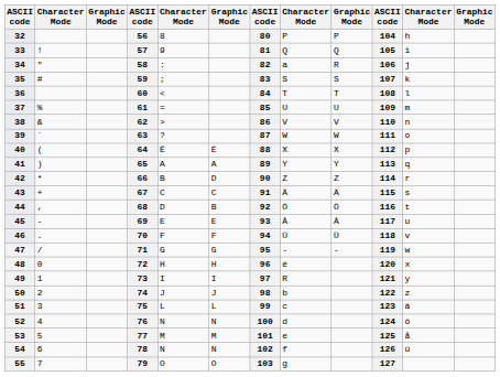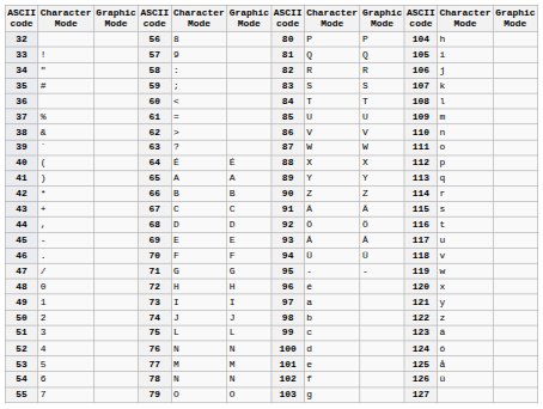 <table class="wikitable">
 <tr>
 <th>ASCII code</th>
 <th>Character Mode</th>
 <th>Graphic Mode</th>
 <th>ASCII code</th>
 <th>Character Mode</th>
 <th>Graphic Mode</th>
 <th>ASCII code</th>
 <th>Character Mode</th>
 <th>Graphic Mode</th>
 <th>ASCII code</th>
 <th>Character Mode</th>
 <th>Graphic Mode</th>
 </tr>
 <tr>
 <th style="background-color:#EAECF0;">32</th>
 <td></td>
 <td></td>
 <th>56</th>
 <td>8</td>
 <td></td>
 <th>80</th>
 <td>P</td>
 <td>P</td>
 <th>104</th>
 <td>h</td>
 <td></td>
 </tr>
 <tr>
 <th style="background-color:#EAECF0;">33</th>
 <td>!</td>
 <td></td>
 <th>57</th>
 <td>9</td>
 <td></td>
 <th>81</th>
 <td>Q</td>
 <td>Q</td>
 <th>105</th>
 <td>i</td>
 <td></td>
 </tr>
 <tr>
 <th style="background-color:#EAECF0;">34</th>
 <td>"</td>
 <td></td>
 <th>58</th>
 <td>:</td>
 <td></td>
 <th>82</th>
-<td>a</td>
+<td>R</td>
 <td>R</td>
 <th>106</th>
 <td>j</td>
 <td></td>
 </tr>
 <tr>
 <th style="background-color:#EAECF0;">35</th>
 <td>#</td>
 <td></td>
 <th>59</th>
 <td>;</td>
 <td></td>
 <th>83</th>
 <td>S</td>
 <td>S</td>
 <th>107</th>
 <td>k</td>
 <td></td>
 </tr>
 <tr>
 <th style="background-color:#EAECF0;">36</th>
 <td></td>
 <td></td>
 <th>60</th>
 <td><</td>
 <td></td>
 <th>84</th>
 <td>T</td>
 <td>T</td>
 <th>108</th>
 <td>l</td>
 <td></td>
 </tr>
 <tr>
 <th style="background-color:#EAECF0;">37</th>
 <td>%</td>
 <td></td>
 <th>61</th>
 <td>=</td>
 <td></td>
 <th>85</th>
 <td>U</td>
 <td>U</td>
 <th>109</th>
 <td>m</td>
 <td></td>
 </tr>
 <tr>
 <th style="background-color:#EAECF0;">38</th>
 <td>&</td>
 <td></td>
 <th>62</th>
 <td>></td>
 <td></td>
 <th>86</th>
 <td>V</td>
 <td>V</td>
 <th>110</th>
 <td>n</td>
 <td></td>
 </tr>
 <tr>
 <th style="background-color:#EAECF0;">39</th>
 <td>´</td>
 <td></td>
 <th>63</th>
 <td>?</td>
 <td></td>
 <th>87</th>
 <td>W</td>
 <td>W</td>
 <th>111</th>
 <td>o</td>
 <td></td>
 </tr>
 <tr>
 <th style="background-color:#EAECF0;">40</th>
 <td>(</td>
 <td></td>
 <th>64</th>
 <td>É</td>
 <td>É</td>
 <th>88</th>
 <td>X</td>
 <td>X</td>
 <th>112</th>
 <td>p</td>
 <td></td>
 </tr>
 <tr>
 <th style="background-color:#EAECF0;">41</th>
 <td>)</td>
 <td></td>
 <th>65</th>
 <td>A</td>
 <td>A</td>
 <th>89</th>
 <td>Y</td>
 <td>Y</td>
 <th>113</th>
 <td>q</td>
 <td></td>
 </tr>
 <tr>
 <th style="background-color:#EAECF0;">42</th>
 <td>*</td>
 <td></td>
 <th>66</th>
 <td>B</td>
-<td>D</td>
+<td>B</td>
 <th>90</th>
 <td>Z</td>
 <td>Z</td>
 <th>114</th>
 <td>r</td>
 <td></td>
 </tr>
 <tr>
 <th style="background-color:#EAECF0;">43</th>
 <td>+</td>
 <td></td>
 <th>67</th>
 <td>C</td>
 <td>C</td>
 <th>91</th>
 <td>Ä</td>
 <td>Ä</td>
 <th>115</th>
 <td>s</td>
 <td></td>
 </tr>
 <tr>
 <th style="background-color:#EAECF0;">44</th>
 <td>,</td>
 <td></td>
 <th>68</th>
 <td>D</td>
-<td>B</td>
+<td>D</td>
 <th>92</th>
 <td>Ö</td>
 <td>Ö</td>
 <th>116</th>
 <td>t</td>
 <td></td>
 </tr>
 <tr>
 <th style="background-color:#EAECF0;">45</th>
 <td>-</td>
 <td></td>
 <th>69</th>
 <td>E</td>
 <td>E</td>
 <th>93</th>
 <td>Å</td>
 <td>Å</td>
 <th>117</th>
 <td>u</td>
 <td></td>
 </tr>
 <tr>
 <th style="background-color:#EAECF0;">46</th>
 <td>.</td>
 <td></td>
 <th>70</th>
 <td>F</td>
 <td>F</td>
 <th>94</th>
 <td>Ü</td>
 <td>Ü</td>
 <th>118</th>
 <td>v</td>
 <td></td>
 </tr>
 <tr>
 <th>47</th>
 <td>/</td>
 <td></td>
 <th>71</th>
 <td>G</td>
 <td>G</td>
 <th>95</th>
 <td>-</td>
 <td>-</td>
 <th>119</th>
 <td>w</td>
 <td></td>
 </tr>
 <tr>
 <th>48</th>
 <td>0</td>
 <td></td>
 <th>72</th>
 <td>H</td>
 <td>H</td>
 <th>96</th>
 <td>é</td>
 <td></td>
 <th>120</th>
 <td>x</td>
 <td></td>
 </tr>
 <tr>
 <th>49</th>
 <td>1</td>
 <td></td>
 <th>73</th>
 <td>I</td>
 <td>I</td>
 <th>97</th>
-<td>R</td>
+<td>a</td>
 <td></td>
 <th>121</th>
 <td>y</td>
 <td></td>
 </tr>
 <tr>
 <th>50</th>
 <td>2</td>
 <td></td>
 <th>74</th>
 <td>J</td>
 <td>J</td>
 <th>98</th>
 <td>b</td>
 <td></td>
 <th>122</th>
 <td>z</td>
 <td></td>
 </tr>
 <tr>
 <th>51</th>
 <td>3</td>
 <td></td>
 <th>75</th>
 <td>L</td>
 <td>L</td>
 <th>99</th>
 <td>c</td>
 <td></td>
 <th>123</th>
 <td>ä</td>
 <td></td>
 </tr>
 <tr>
 <th>52</th>
 <td>4</td>
 <td></td>
 <th>76</th>
 <td>N</td>
 <td>N</td>
 <th>100</th>
 <td>d</td>
 <td></td>
 <th>124</th>
 <td>ö</td>
 <td></td>
 </tr>
 <tr>
 <th>53</th>
 <td>5</td>
 <td></td>
 <th>77</th>
 <td>M</td>
 <td>M</td>
 <th>101</th>
 <td>e</td>
 <td></td>
 <th>125</th>
 <td>å</td>
 <td></td>
 </tr>
 <tr>
 <th>54</th>
 <td>6</td>
 <td></td>
 <th>78</th>
 <td>N</td>
 <td>N</td>
 <th>102</th>
 <td>f</td>
 <td></td>
 <th>126</th>
 <td>ü</td>
 <td></td>
 </tr>
 <tr>
 <th>55</th>
 <td>7</td>
 <td></td>
 <th>79</th>
 <td>O</td>
 <td>O</td>
 <th>103</th>
 <td>g</td>
 <td></td>
 <th>127</th>
 <td></td>
 <td></td>
 </tr>
 </table>
